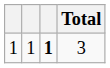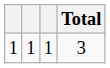 <table class="wikitable">
 <tr>
 <th></th>
 <th></th>
 <th></th>
 <th>Total</th>
 </tr>
 <tr style="text-align:center;">
 <td>1</td>
 <td>1</td>
-<td><strong>1</strong></td>
+<td>1</td>
 <td>3</td>
 </tr>
 </table>
